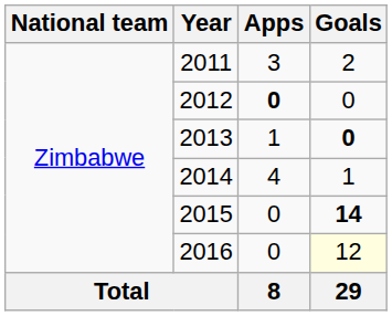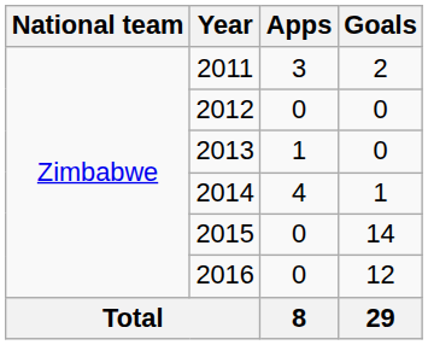 <table class="wikitable" style="text-align:center">
 <tr>
 <th>National team</th>
 <th>Year</th>
 <th>Apps</th>
 <th>Goals</th>
 </tr>
 <tr>
 <td rowspan="6"><a href='#'>Zimbabwe</a></td>
 <td>2011</td>
 <td>3</td>
 <td>2</td>
 </tr>
 <tr>
 <td>2012</td>
-<td><strong>0</strong></td>
+<td>0</td>
 <td>0</td>
 </tr>
 <tr>
 <td>2013</td>
 <td>1</td>
-<td><strong>0</strong></td>
+<td>0</td>
 </tr>
 <tr>
 <td>2014</td>
 <td>4</td>
 <td>1</td>
 </tr>
 <tr>
 <td>2015</td>
 <td>0</td>
-<td><strong>14</strong></td>
+<td>14</td>
 </tr>
 <tr>
 <td>2016</td>
 <td>0</td>
-<td style="background: lightyellow;">12</td>
+<td>12</td>
 </tr>
 <tr>
 <th colspan=2>Total</th>
 <th>8</th>
 <th>29</th>
 </tr>
 </table>
